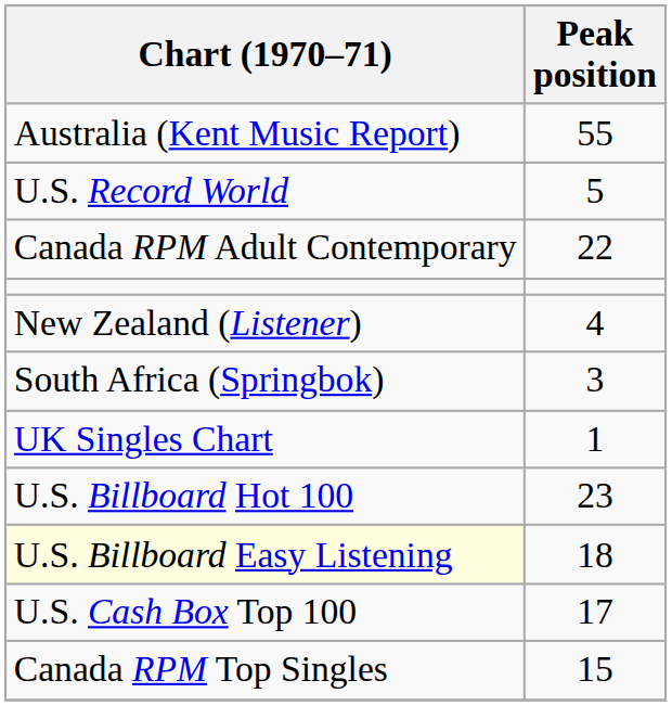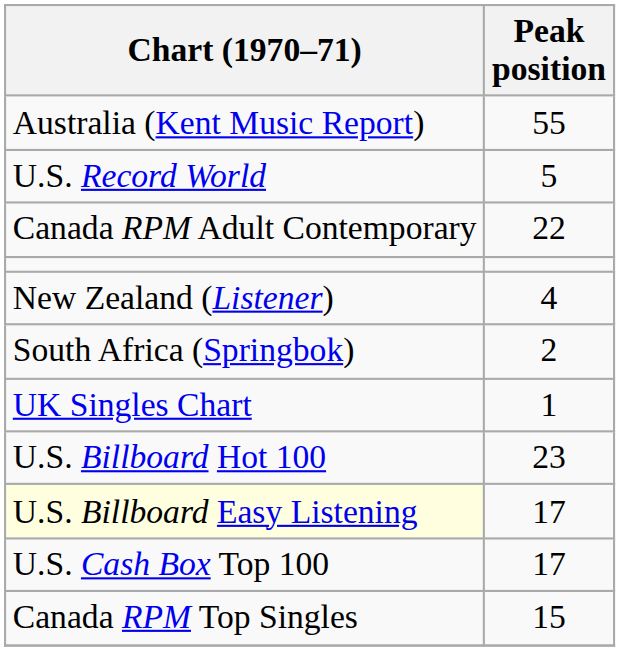 <table class="wikitable sortable">
 <tr>
 <th>Chart (1970–71)</th>
 <th>Peak<br>position</th>
 </tr>
 <tr>
 <td>Australia (<a href='#'>Kent Music Report</a>)</td>
 <td style="text-align:center;">55</td>
 </tr>
 <tr>
 <td>U.S. <em><a href='#'>Record World</a></em></td>
 <td style="text-align:center;">5</td>
 </tr>
 <tr>
 <td>Canada <em>RPM</em> Adult Contemporary</td>
 <td style="text-align:center;">22</td>
 </tr>
 <tr>
 <td></td>
 </tr>
 <tr>
 <td>New Zealand (<em><a href='#'>Listener</a></em>)</td>
 <td style="text-align:center;">4</td>
 </tr>
 <tr>
 <td>South Africa (<a href='#'>Springbok</a>)</td>
-<td style="text-align:center;">3</td>
+<td style="text-align:center;">2</td>
 </tr>
 <tr>
 <td><a href='#'>UK Singles Chart</a></td>
 <td style="text-align:center;">1</td>
 </tr>
 <tr>
 <td>U.S. <em><a href='#'>Billboard</a></em> <a href='#'>Hot 100</a></td>
 <td style="text-align:center;">23</td>
 </tr>
 <tr>
 <td style="background: lightyellow;">U.S. <em>Billboard</em> <a href='#'>Easy Listening</a></td>
-<td style="text-align:center;">18</td>
+<td style="text-align:center;">17</td>
 </tr>
 <tr>
 <td>U.S. <a href='#'><em>Cash Box</em></a> Top 100</td>
 <td style="text-align:center;">17</td>
 </tr>
 <tr>
 <td>Canada <em><a href='#'>RPM</a></em> Top Singles</td>
 <td style="text-align:center;">15</td>
 </tr>
 <tr>
 </tr>
 </table>
